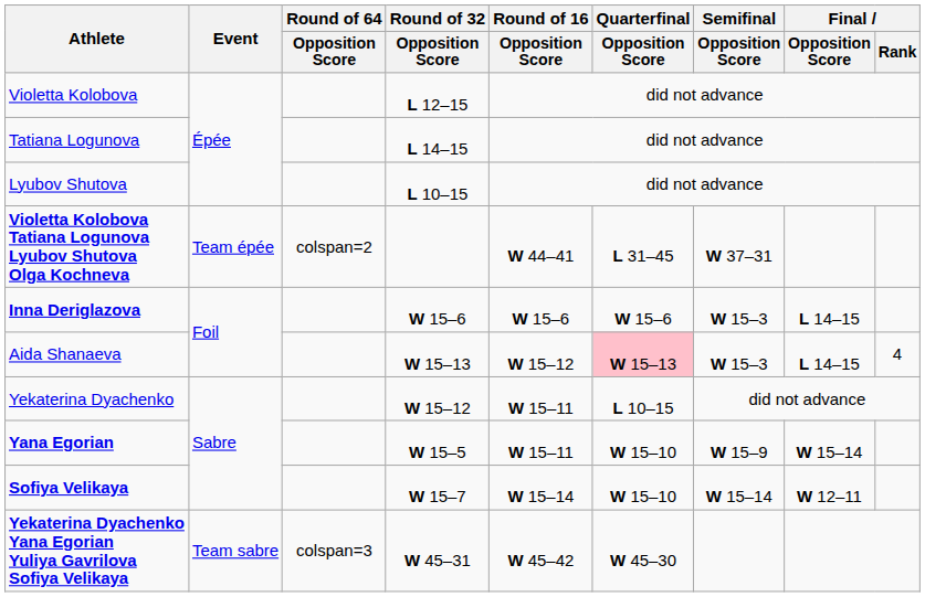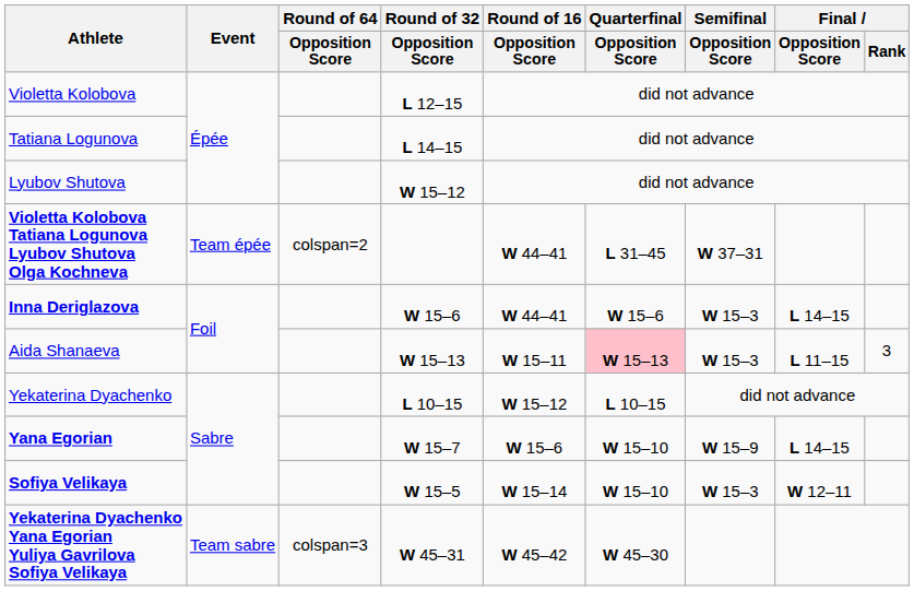 <table class="wikitable" style="font-size:90%">
 <tr>
 <th rowspan=2>Athlete</th>
 <th rowspan=2>Event</th>
 <th>Round of 64</th>
 <th>Round of 32</th>
 <th>Round of 16</th>
 <th>Quarterfinal</th>
 <th>Semifinal</th>
 <th colspan=2>Final / </th>
 </tr>
 <tr style="font-size:95%">
 <th>Opposition<br>Score</th>
 <th>Opposition<br>Score</th>
 <th>Opposition<br>Score</th>
 <th>Opposition<br>Score</th>
 <th>Opposition<br>Score</th>
 <th>Opposition<br>Score</th>
 <th>Rank</th>
 </tr>
 <tr align=center>
 <td align=left><a href='#'>Violetta Kolobova</a></td>
 <td align=left rowspan=3><a href='#'>Épée</a></td>
 <td></td>
 <td><br><strong>L</strong> 12–15</td>
 <td colspan=5>did not advance</td>
 </tr>
 <tr align=center>
 <td align=left><a href='#'>Tatiana Logunova</a></td>
 <td></td>
 <td><br><strong>L</strong> 14–15</td>
 <td colspan=5>did not advance</td>
 </tr>
 <tr align=center>
 <td align=left><a href='#'>Lyubov Shutova</a></td>
 <td></td>
-<td><br><strong>L</strong> 10–15</td>
+<td><br><strong>W</strong> 15–12</td>
 <td colspan=5>did not advance</td>
 </tr>
 <tr align=center>
 <td align=left><strong><a href='#'>Violetta Kolobova</a><br><a href='#'>Tatiana Logunova</a><br><a href='#'>Lyubov Shutova</a><br><a href='#'>Olga Kochneva</a></strong></td>
 <td align=left><a href='#'>Team épée</a></td>
 <td>colspan=2 </td>
 <td></td>
 <td><br><strong>W</strong> 44–41</td>
 <td><br><strong>L</strong> 31–45</td>
 <td><br><strong>W</strong> 37–31</td>
 <td></td>
 </tr>
 <tr align=center>
 <td align=left><strong><a href='#'>Inna Deriglazova</a></strong></td>
 <td align=left rowspan=2><a href='#'>Foil</a></td>
 <td></td>
 <td><br><strong>W</strong> 15–6</td>
-<td><br><strong>W</strong> 15–6</td>
+<td><br><strong>W</strong> 44–41</td>
 <td><br><strong>W</strong> 15–6</td>
 <td><br><strong>W</strong> 15–3</td>
 <td><br><strong>L</strong> 14–15</td>
 <td></td>
 </tr>
 <tr align=center>
 <td align=left><a href='#'>Aida Shanaeva</a></td>
 <td></td>
 <td><br><strong>W</strong> 15–13</td>
-<td><br><strong>W</strong> 15–12</td>
+<td><br><strong>W</strong> 15–11</td>
 <td style="background: pink;"><br><strong>W</strong> 15–13</td>
 <td><br><strong>W</strong> 15–3</td>
-<td><br><strong>L</strong> 14–15</td>
-<td>4</td>
+<td><br><strong>L</strong> 11–15</td>
+<td>3</td>
 </tr>
 <tr align=center>
 <td align=left><a href='#'>Yekaterina Dyachenko</a></td>
 <td align=left rowspan=3><a href='#'>Sabre</a></td>
 <td></td>
+<td><br><strong>L</strong> 10–15</td>
 <td><br><strong>W</strong> 15–12</td>
-<td><br><strong>W</strong> 15–11</td>
 <td><br><strong>L</strong> 10–15</td>
 <td colspan=3>did not advance</td>
 </tr>
 <tr align=center>
 <td align=left><strong><a href='#'>Yana Egorian</a></strong></td>
 <td></td>
-<td><br><strong>W</strong> 15–5</td>
-<td><br><strong>W</strong> 15–11</td>
+<td><br><strong>W</strong> 15–7</td>
+<td><br><strong>W</strong> 15–6</td>
 <td><br><strong>W</strong> 15–10</td>
 <td> <br><strong>W</strong> 15–9</td>
-<td><br><strong>W</strong> 15–14</td>
+<td><br><strong>L</strong> 14–15</td>
 <td></td>
 </tr>
 <tr align=center>
 <td align=left><strong><a href='#'>Sofiya Velikaya</a></strong></td>
 <td></td>
-<td><br><strong>W</strong> 15–7</td>
+<td><br><strong>W</strong> 15–5</td>
 <td><br><strong>W</strong> 15–14</td>
 <td><br><strong>W</strong> 15–10</td>
-<td><br><strong>W</strong> 15–14</td>
+<td><br><strong>W</strong> 15–3</td>
 <td><br><strong>W</strong> 12–11</td>
 <td></td>
 </tr>
 <tr align=center>
 <td align=left><strong><a href='#'>Yekaterina Dyachenko</a><br><a href='#'>Yana Egorian</a><br><a href='#'>Yuliya Gavrilova</a><br><a href='#'>Sofiya Velikaya</a></strong></td>
 <td align=left><a href='#'>Team sabre</a></td>
 <td>colspan=3 </td>
 <td><br> <strong>W</strong> 45–31</td>
 <td><br> <strong>W</strong> 45–42</td>
 <td><br><strong>W</strong> 45–30</td>
 <td></td>
 </tr>
 </table>
